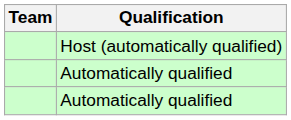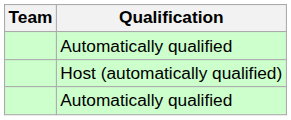 <table class="wikitable">
 <tr>
 <th>Team</th>
 <th>Qualification</th>
+</tr>
+<tr style="background:#cfc;">
+<td></td>
+<td>Automatically qualified</td>
 </tr>
 <tr style="background:#cfc;">
 <td></td>
 <td>Host (automatically qualified)</td>
 </tr>
 <tr style="background:#cfc;">
 <td></td>
 <td>Automatically qualified</td>
 </tr>
-<tr style="background:#cfc;">
-<td></td>
-<td>Automatically qualified</td>
-</tr>
 </table>
